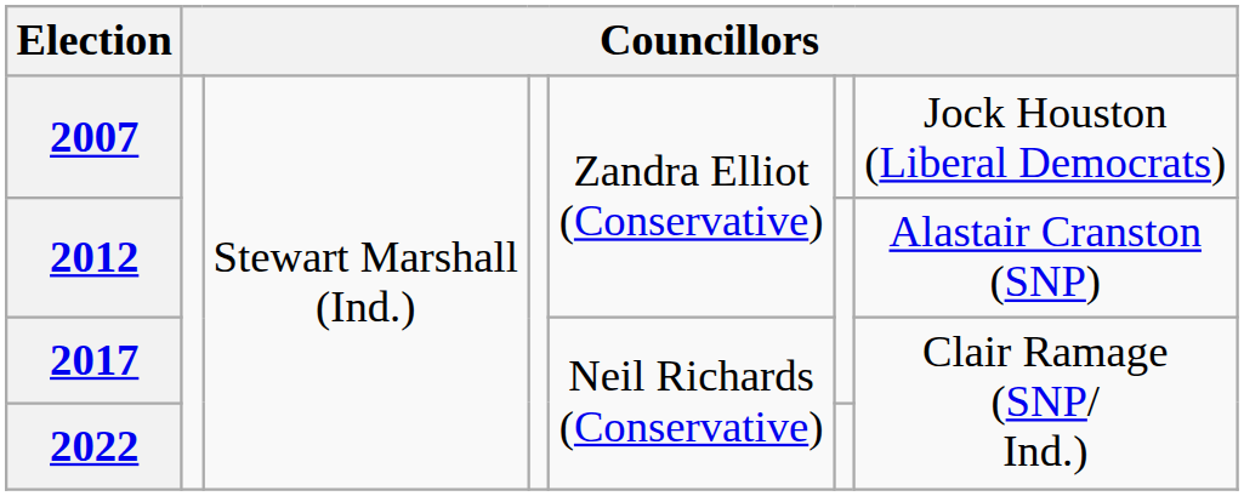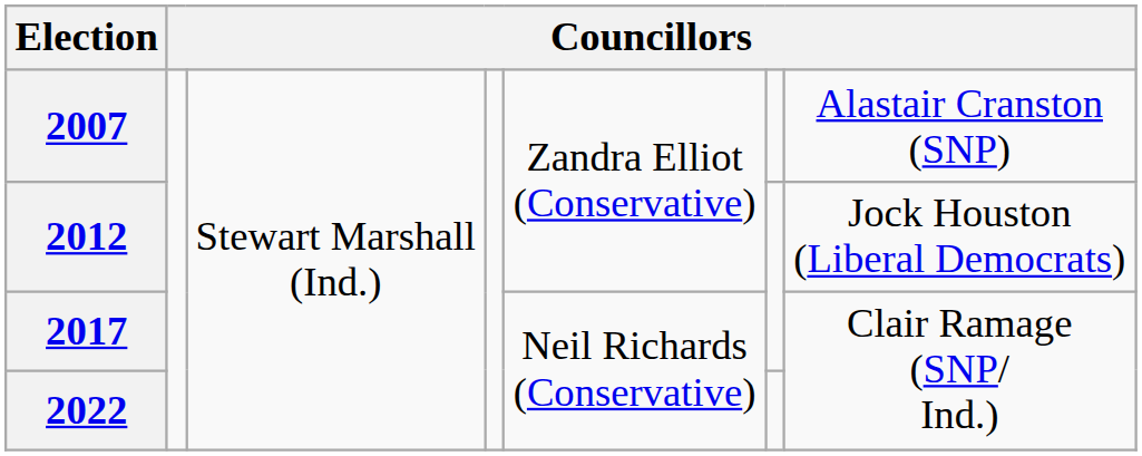 <table class="wikitable" style="text-align:center">
 <tr>
 <th>Election</th>
 <th colspan=8>Councillors</th>
 </tr>
 <tr>
 <th><a href='#'>2007</a></th>
 <td rowspan=4; style="background-color: "></td>
 <td rowspan=4>Stewart Marshall<br>(Ind.)</td>
 <td rowspan=4; style="background-color: "></td>
 <td rowspan=2>Zandra Elliot<br>(<a href='#'>Conservative</a>)</td>
 <td rowspan=1; style="background-color: "></td>
-<td rowspan=1>Jock Houston<br>(<a href='#'>Liberal Democrats</a>)</td>
+<td rowspan=1><a href='#'>Alastair Cranston</a><br>(<a href='#'>SNP</a>)</td>
 </tr>
 <tr>
 <th><a href='#'>2012</a></th>
 <td rowspan=2; style="background-color: "></td>
-<td rowspan=1><a href='#'>Alastair Cranston</a><br>(<a href='#'>SNP</a>)</td>
+<td rowspan=1>Jock Houston<br>(<a href='#'>Liberal Democrats</a>)</td>
 </tr>
 <tr>
 <th><a href='#'>2017</a></th>
 <td rowspan=2>Neil Richards<br>(<a href='#'>Conservative</a>)</td>
 <td rowspan=2>Clair Ramage<br>(<a href='#'>SNP</a>/<br>Ind.)</td>
 </tr>
 <tr>
 <th><a href='#'>2022</a></th>
 <td rowspan=1; style="background-color: "></td>
 </tr>
 </table>
